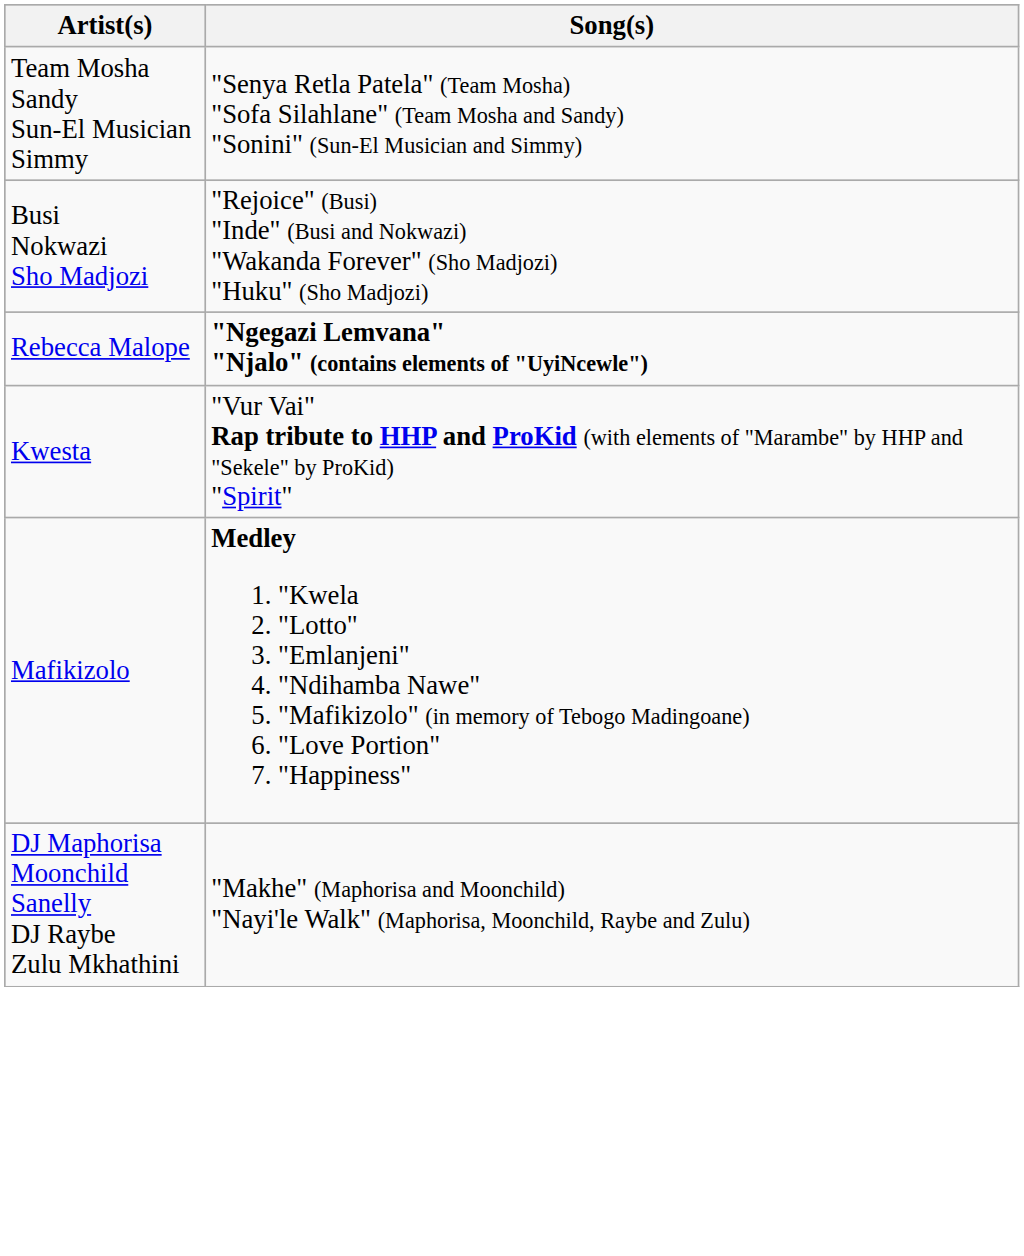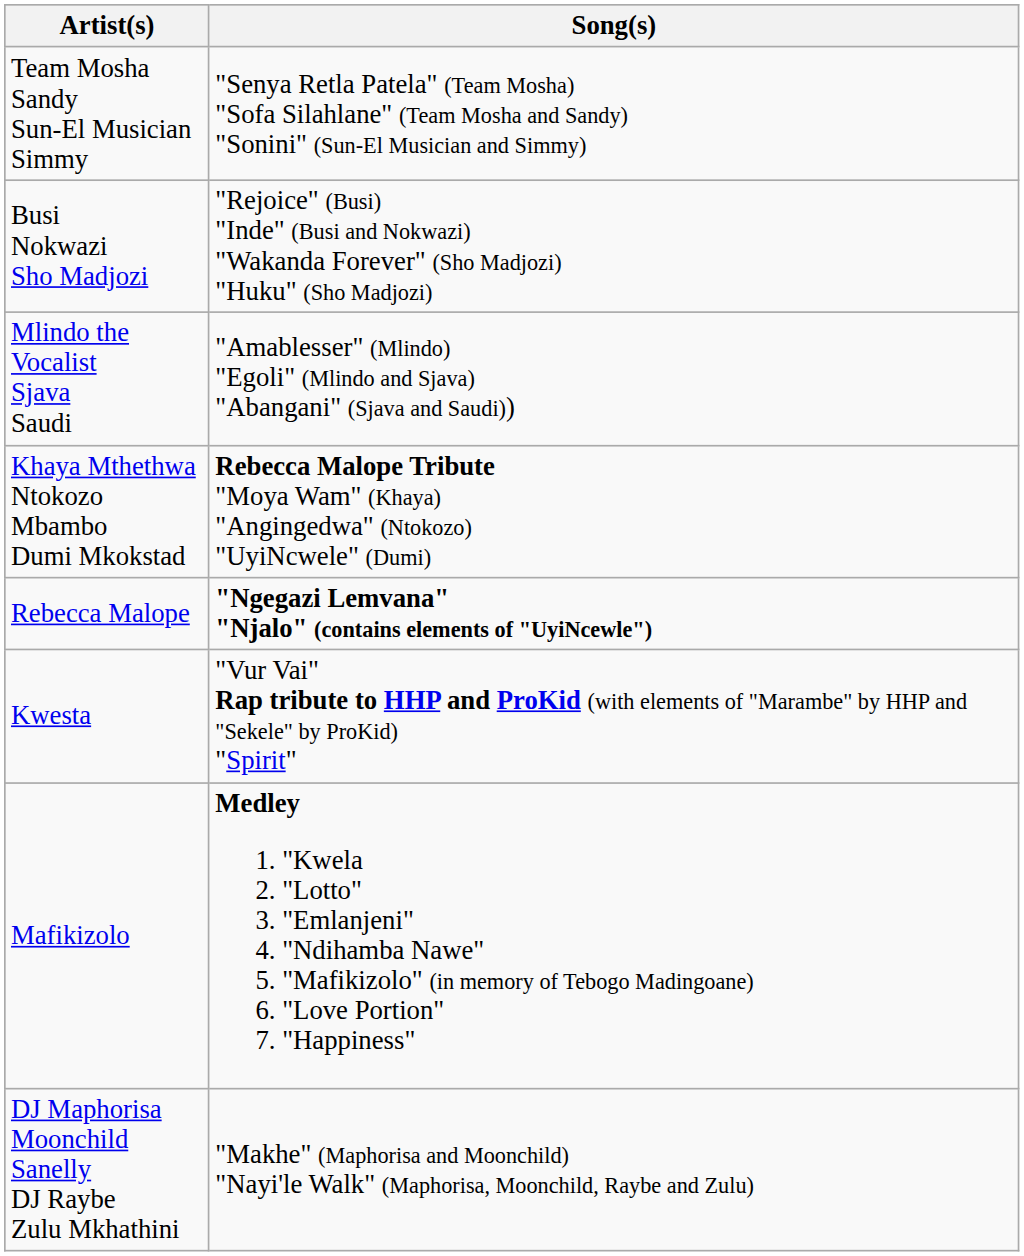 <table class="wikitable plainrowheaders">
 <tr>
 <th scope="col">Artist(s)</th>
 <th scope="col">Song(s)</th>
 </tr>
 <tr>
 <td scope="row">Team Mosha<br>Sandy<br>Sun-El Musician<br>Simmy</td>
 <td>"Senya Retla Patela" <small>(Team Mosha)</small><br>"Sofa Silahlane" <small>(Team Mosha and Sandy)</small><br>"Sonini" <small>(Sun-El Musician and Simmy)</small></td>
 </tr>
 <tr>
 <td scope="row">Busi<br>Nokwazi<br><a href='#'>Sho Madjozi</a></td>
 <td>"Rejoice" <small>(Busi)</small><br>"Inde" <small>(Busi and Nokwazi)</small><br>"Wakanda Forever" <small>(Sho Madjozi)</small><br>"Huku" <small>(Sho Madjozi)</small></td>
+</tr>
+<tr>
+<td scope="row"><a href='#'>Mlindo the Vocalist</a><br><a href='#'>Sjava</a><br>Saudi</td>
+<td>"Amablesser" <small>(Mlindo)</small><br>"Egoli" <small>(Mlindo and Sjava)</small><br>"Abangani" <small>(Sjava and Saudi)</small>)</td>
+</tr>
+<tr>
+<td scope="row"><a href='#'>Khaya Mthethwa</a><br>Ntokozo Mbambo<br>Dumi Mkokstad</td>
+<td><strong>Rebecca Malope Tribute</strong><br>"Moya Wam" <small>(Khaya)</small><br>"Angingedwa" <small>(Ntokozo)</small><br>"UyiNcwele" <small>(Dumi)</small></td>
 </tr>
 <tr>
 <td scope="row"><a href='#'>Rebecca Malope</a></td>
 <td><strong>"Ngegazi Lemvana"<br>"Njalo" <small>(contains elements of "UyiNcewle")</small></strong></td>
 </tr>
 <tr>
 <td scope="row"><a href='#'>Kwesta</a></td>
 <td>"Vur Vai"<br><strong>Rap tribute to <a href='#'>HHP</a> and <a href='#'>ProKid</a></strong> <small>(with elements of "Marambe" by HHP and "Sekele" by ProKid)</small><br>"<a href='#'>Spirit</a>"</td>
 </tr>
 <tr>
 <td scope="row"><a href='#'>Mafikizolo</a></td>
 <td><strong>Medley</strong><br><ol><li>"Kwela</li><li>"Lotto"</li><li>"Emlanjeni"</li><li>"Ndihamba Nawe"</li><li>"Mafikizolo" <small>(in memory of Tebogo Madingoane)</small></li><li>"Love Portion"</li><li>"Happiness"</li></ol></td>
 </tr>
 <tr>
 <td scope="row"><a href='#'>DJ Maphorisa</a><br><a href='#'>Moonchild Sanelly</a><br>DJ Raybe<br>Zulu Mkhathini</td>
 <td>"Makhe" <small>(Maphorisa and Moonchild)</small><br>"Nayi'le Walk" <small>(Maphorisa, Moonchild, Raybe and Zulu)</small></td>
 </tr>
 </table>
